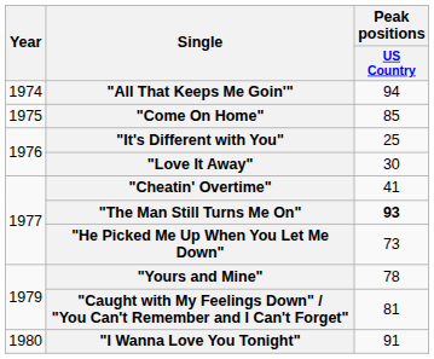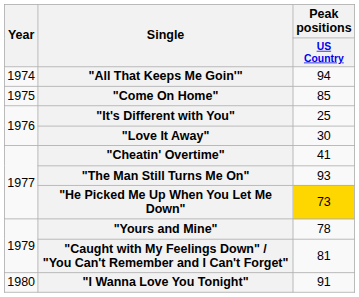 <table class="wikitable plainrowheaders" style="text-align:center;">
 <tr>
 <th rowspan="2">Year</th>
 <th rowspan="2" style="width:20em;">Single</th>
 <th>Peak<br>positions</th>
 </tr>
 <tr style="font-size:smaller;">
 <th width="65"><a href='#'>US Country</a><br></th>
 </tr>
 <tr>
 <td>1974</td>
 <th scope="row">"All That Keeps Me Goin'"</th>
 <td>94</td>
 </tr>
 <tr>
 <td>1975</td>
 <th scope="row">"Come On Home"</th>
 <td>85</td>
 </tr>
 <tr>
 <td rowspan="2">1976</td>
 <th scope="row">"It's Different with You"</th>
 <td>25</td>
 </tr>
 <tr>
 <th scope="row">"Love It Away"</th>
 <td>30</td>
 </tr>
 <tr>
 <td rowspan="3">1977</td>
 <th scope="row">"Cheatin' Overtime"</th>
 <td>41</td>
 </tr>
 <tr>
 <th scope="row">"The Man Still Turns Me On"</th>
-<td><strong>93</strong></td>
+<td>93</td>
 </tr>
 <tr>
 <th scope="row">"He Picked Me Up When You Let Me Down"</th>
-<td>73</td>
+<td style="background: gold;">73</td>
 </tr>
 <tr>
 <td rowspan=2>1979</td>
 <th scope="row">"Yours and Mine"</th>
 <td>78</td>
 </tr>
 <tr>
 <th scope="row">"Caught with My Feelings Down" /<br> "You Can't Remember and I Can't Forget"</th>
 <td>81</td>
 </tr>
 <tr>
 <td>1980</td>
 <th scope="row">"I Wanna Love You Tonight"</th>
 <td>91</td>
 </tr>
 </table>
